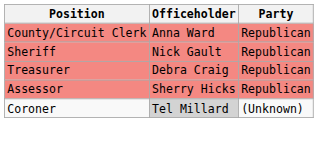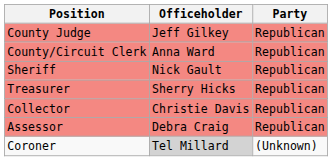 <table class="wikitable">
 <tr>
 <th>Position</th>
 <th>Officeholder</th>
 <th>Party</th>
+</tr>
+<tr style="background-color:#F48882;">
+<td>County Judge</td>
+<td>Jeff Gilkey</td>
+<td>Republican</td>
 </tr>
 <tr style="background-color:#F48882;">
 <td>County/Circuit Clerk</td>
 <td>Anna Ward</td>
 <td>Republican</td>
 </tr>
 <tr style="background-color:#F48882;">
 <td>Sheriff</td>
 <td>Nick Gault</td>
 <td>Republican</td>
 </tr>
 <tr style="background-color:#F48882;">
 <td>Treasurer</td>
-<td>Debra Craig</td>
+<td>Sherry Hicks</td>
+<td>Republican</td>
+</tr>
+<tr style="background-color:#F48882;">
+<td>Collector</td>
+<td>Christie Davis</td>
 <td>Republican</td>
 </tr>
 <tr style="background-color:#F48882;">
 <td>Assessor</td>
-<td>Sherry Hicks</td>
+<td>Debra Craig</td>
 <td>Republican</td>
 </tr>
 <tr>
 <td>Coroner</td>
 <td style="background: lightgrey;">Tel Millard</td>
 <td>(Unknown)</td>
 </tr>
 </table>
